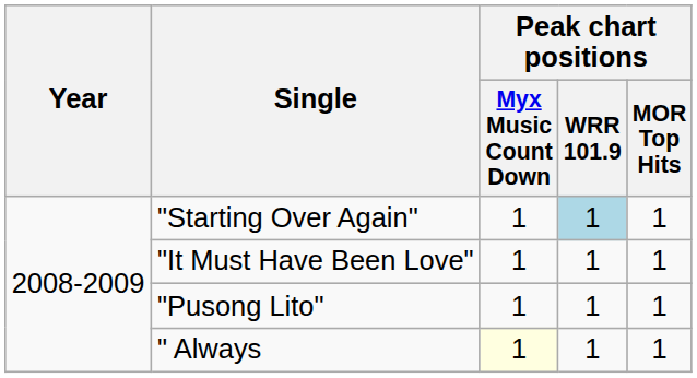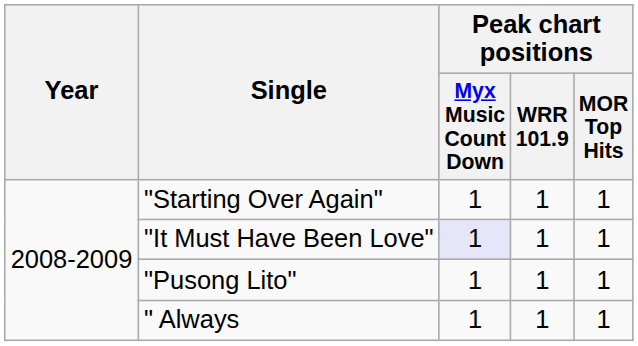 <table class="wikitable" style="text-align:center;">
 <tr>
 <th rowspan=2>Year</th>
 <th rowspan=2>Single</th>
 <th colspan=3>Peak chart positions</th>
 </tr>
 <tr style="font-size:smaller;">
 <th width=30><a href='#'>Myx</a> Music Count Down</th>
 <th width=30>WRR 101.9</th>
 <th width=30>MOR Top Hits</th>
 </tr>
 <tr>
 <td rowspan="7">2008-2009</td>
 <td style="text-align:left;">"Starting Over Again"</td>
 <td>1</td>
-<td style="background: lightblue;">1</td>
+<td>1</td>
 <td>1</td>
 </tr>
 <tr>
 <td style="text-align:left;">"It Must Have Been Love"</td>
-<td>1</td>
+<td style="background: lavender;">1</td>
 <td>1</td>
 <td>1</td>
 </tr>
 <tr>
 <td style="text-align:left;">"Pusong Lito"</td>
 <td>1</td>
 <td>1</td>
 <td>1</td>
 </tr>
 <tr>
 <td style="text-align:left;">" Always</td>
-<td style="background: lightyellow;">1</td>
+<td>1</td>
 <td>1</td>
 <td>1</td>
 </tr>
 </table>
